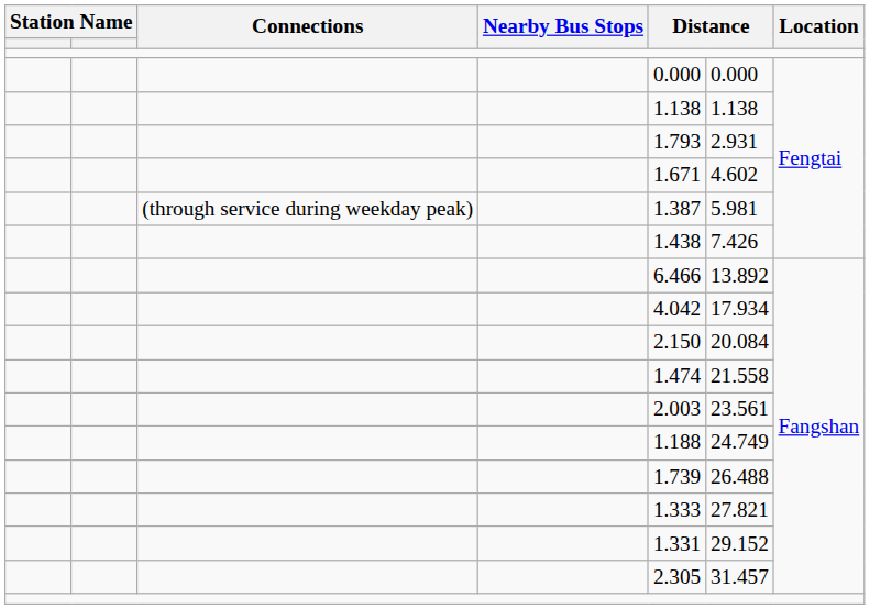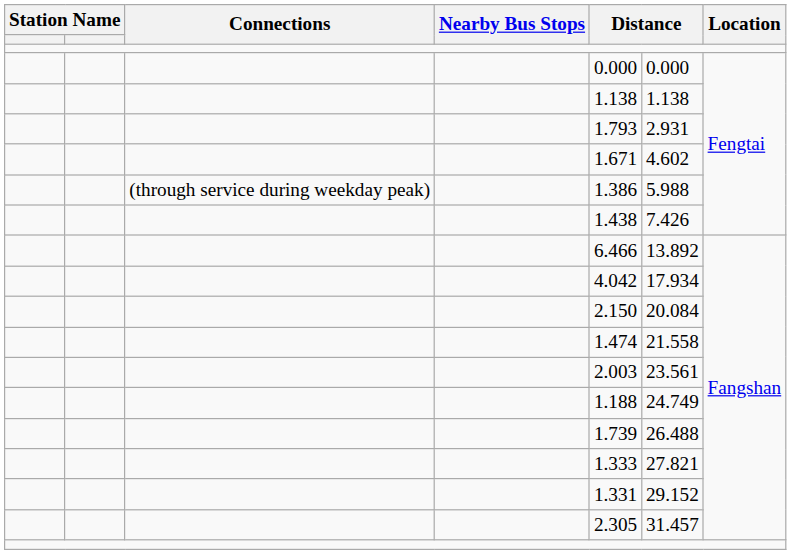 <table class="wikitable">
 <tr>
 <th colspan="2">Station Name</th>
 <th rowspan="2">Connections</th>
 <th rowspan="2"><a href='#'>Nearby Bus Stops</a></th>
 <th colspan="2" rowspan="2">Distance<br></th>
 <th rowspan="2">Location</th>
 </tr>
 <tr>
 <th></th>
 <th></th>
 </tr>
 <tr style="background:#">
 <td colspan = "7"></td>
 </tr>
 <tr>
 <td></td>
 <td></td>
 <td></td>
 <td></td>
 <td>0.000</td>
 <td>0.000</td>
 <td rowspan="6"><a href='#'>Fengtai</a></td>
 </tr>
 <tr>
 <td></td>
 <td></td>
 <td></td>
 <td></td>
 <td>1.138</td>
 <td>1.138</td>
 </tr>
 <tr>
 <td></td>
 <td></td>
 <td></td>
 <td></td>
 <td>1.793</td>
 <td>2.931</td>
 </tr>
 <tr>
 <td></td>
 <td></td>
 <td></td>
 <td></td>
 <td>1.671</td>
 <td>4.602</td>
 </tr>
 <tr>
 <td></td>
 <td></td>
 <td align="left"> (through service during weekday peak)</td>
 <td></td>
-<td>1.387</td>
-<td>5.981</td>
+<td>1.386</td>
+<td>5.988</td>
 </tr>
 <tr>
 <td></td>
 <td></td>
 <td></td>
 <td></td>
 <td>1.438</td>
 <td>7.426</td>
 </tr>
 <tr>
 <td></td>
 <td></td>
 <td></td>
 <td></td>
 <td>6.466</td>
 <td>13.892</td>
 <td rowspan="10"><a href='#'>Fangshan</a></td>
 </tr>
 <tr>
 <td></td>
 <td></td>
 <td></td>
 <td></td>
 <td>4.042</td>
 <td>17.934</td>
 </tr>
 <tr>
 <td></td>
 <td></td>
 <td></td>
 <td></td>
 <td>2.150</td>
 <td>20.084</td>
 </tr>
 <tr>
 <td></td>
 <td></td>
 <td></td>
 <td></td>
 <td>1.474</td>
 <td>21.558</td>
 </tr>
 <tr>
 <td></td>
 <td></td>
 <td></td>
 <td></td>
 <td>2.003</td>
 <td>23.561</td>
 </tr>
 <tr>
 <td></td>
 <td></td>
 <td></td>
 <td></td>
 <td>1.188</td>
 <td>24.749</td>
 </tr>
 <tr>
 <td></td>
 <td></td>
 <td></td>
 <td></td>
 <td>1.739</td>
 <td>26.488</td>
 </tr>
 <tr>
 <td></td>
 <td></td>
 <td></td>
 <td></td>
 <td>1.333</td>
 <td>27.821</td>
 </tr>
 <tr>
 <td></td>
 <td></td>
 <td></td>
 <td></td>
 <td>1.331</td>
 <td>29.152</td>
 </tr>
 <tr>
 <td></td>
 <td></td>
 <td></td>
 <td></td>
 <td>2.305</td>
 <td>31.457</td>
 </tr>
 <tr style="background:#">
 <td colspan = "7"></td>
 </tr>
 </table>
